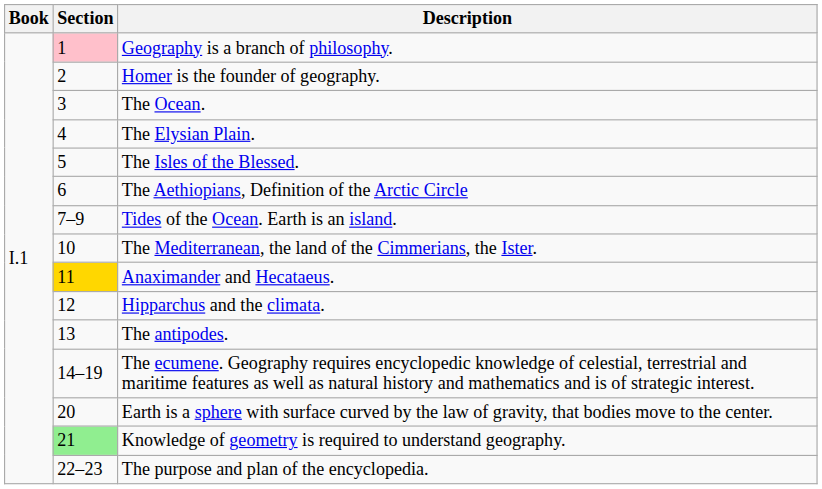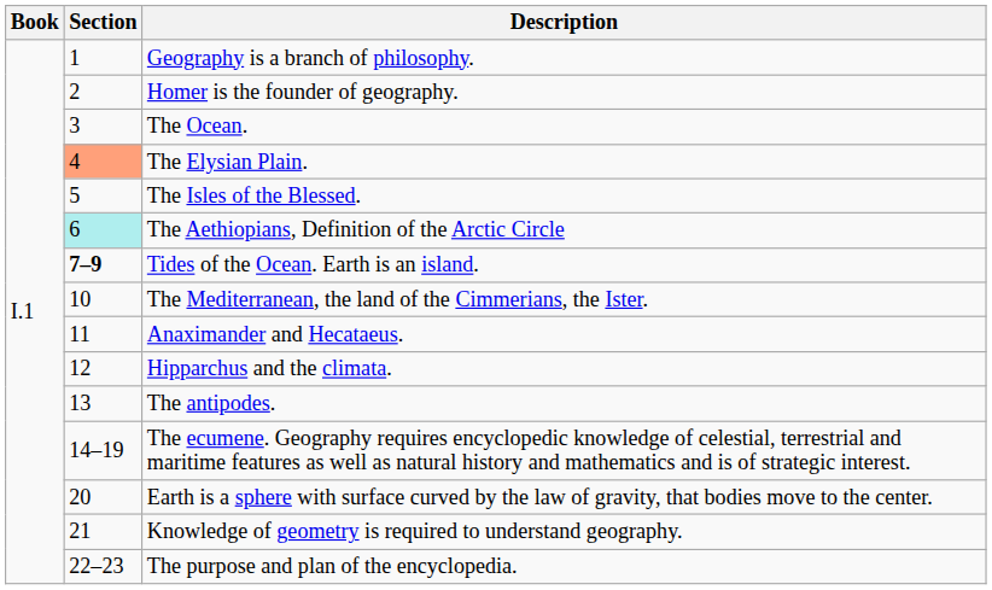 <table class="wikitable" style="max-width:45em;">
 <tr>
 <th>Book</th>
 <th>Section</th>
 <th>Description</th>
 </tr>
 <tr>
 <td rowspan="15">I.1</td>
-<td style="background: pink;">1</td>
+<td>1</td>
 <td><a href='#'>Geography</a> is a branch of <a href='#'>philosophy</a>.</td>
 </tr>
 <tr>
 <td>2</td>
 <td><a href='#'>Homer</a> is the founder of geography.</td>
 </tr>
 <tr>
 <td>3</td>
 <td>The <a href='#'>Ocean</a>.</td>
 </tr>
 <tr>
-<td>4</td>
+<td style="background: lightsalmon;">4</td>
 <td>The <a href='#'>Elysian Plain</a>.</td>
 </tr>
 <tr>
 <td>5</td>
 <td>The <a href='#'>Isles of the Blessed</a>.</td>
 </tr>
 <tr>
-<td>6</td>
+<td style="background: paleturquoise;">6</td>
 <td>The <a href='#'>Aethiopians</a>, Definition of the <a href='#'>Arctic Circle</a></td>
 </tr>
 <tr>
-<td>7–9</td>
+<td><strong>7–9</strong></td>
 <td><a href='#'>Tides</a> of the <a href='#'>Ocean</a>. Earth is an <a href='#'>island</a>.</td>
 </tr>
 <tr>
 <td>10</td>
 <td>The <a href='#'>Mediterranean</a>, the land of the <a href='#'>Cimmerians</a>, the <a href='#'>Ister</a>.</td>
 </tr>
 <tr>
-<td style="background: gold;">11</td>
+<td>11</td>
 <td><a href='#'>Anaximander</a> and <a href='#'>Hecataeus</a>.</td>
 </tr>
 <tr>
 <td>12</td>
 <td><a href='#'>Hipparchus</a> and the <a href='#'>climata</a>.</td>
 </tr>
 <tr>
 <td>13</td>
 <td>The <a href='#'>antipodes</a>.</td>
 </tr>
 <tr>
 <td>14–19</td>
 <td>The <a href='#'>ecumene</a>. Geography requires encyclopedic knowledge of celestial, terrestrial and maritime features as well as natural history and mathematics and is of strategic interest.</td>
 </tr>
 <tr>
 <td>20</td>
 <td>Earth is a <a href='#'>sphere</a> with surface curved by the law of gravity, that bodies move to the center.</td>
 </tr>
 <tr>
-<td style="background: lightgreen;">21</td>
+<td>21</td>
 <td>Knowledge of <a href='#'>geometry</a> is required to understand geography.</td>
 </tr>
 <tr>
 <td>22–23</td>
 <td>The purpose and plan of the encyclopedia.</td>
 </tr>
 </table>
